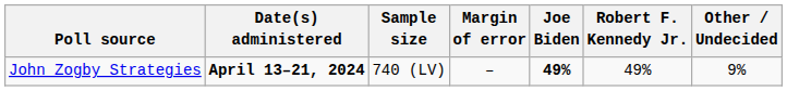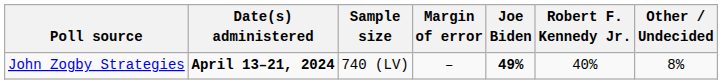 <table class="wikitable sortable mw-datatable" style="font-size:90%;text-align:center;line-height:17px">
 <tr valign=bottom>
 <th>Poll source</th>
 <th>Date(s)<br>administered</th>
 <th>Sample<br>size</th>
 <th>Margin<br>of error</th>
 <th class="unsortable">Joe<br>Biden<br></th>
 <th class="unsortable">Robert F.<br>Kennedy Jr.<br></th>
 <th class="unsortable">Other /<br>Undecided</th>
 </tr>
 <tr>
 <td style="text-align:left;"><a href='#'>John Zogby Strategies</a></td>
 <td data-sort-value="2024-05-01"><strong>April 13–21, 2024</strong></td>
 <td>740 (LV)</td>
 <td>–</td>
 <td style="color:black;background-color:"><strong>49%</strong></td>
-<td>49%</td>
-<td>9%</td>
+<td>40%</td>
+<td>8%</td>
 </tr>
 </table>
